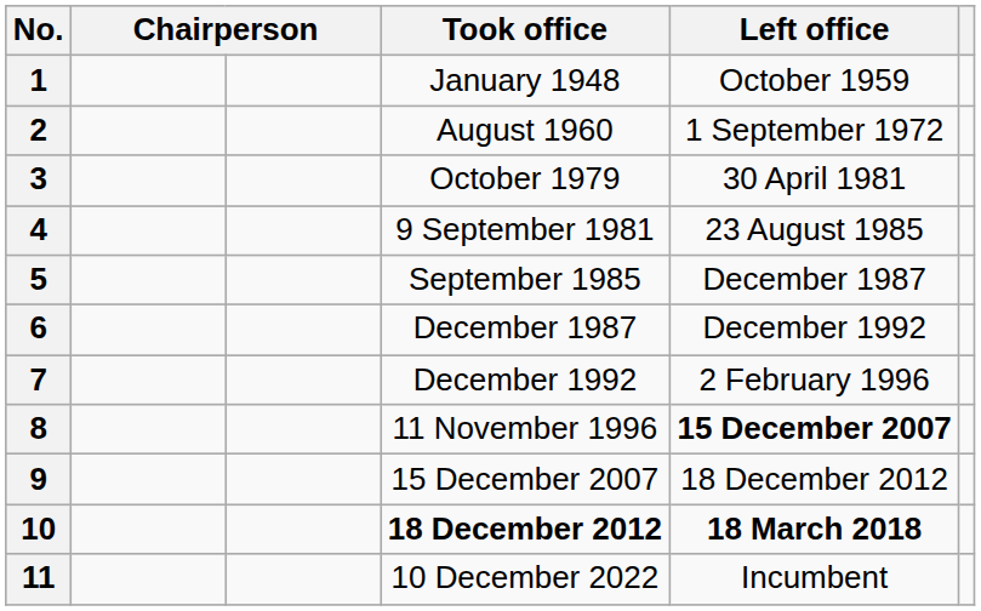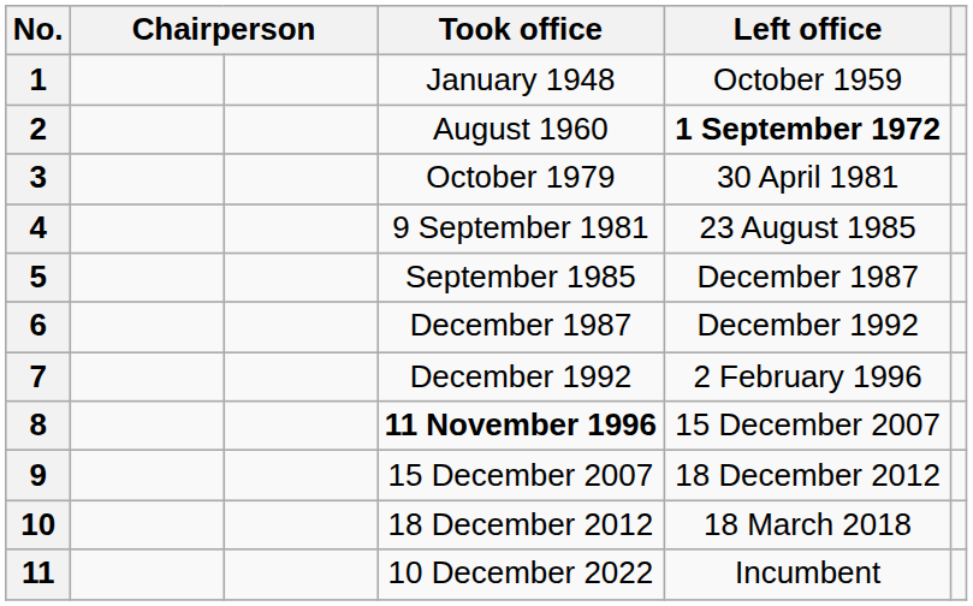 <table class="wikitable" style="text-align: center; border-collapse: collapse;">
 <tr>
 <th>No.</th>
 <th colspan="2" width="150">Chairperson</th>
 <th width="140" align="center">Took office</th>
 <th width="140" align="center">Left office</th>
 <th></th>
 </tr>
 <tr>
 <th><strong>1</strong></th>
 <td align="center"></td>
 <td align="center"><br></td>
 <td align="center">January 1948</td>
 <td align="center">October 1959</td>
 <td></td>
 </tr>
 <tr>
 <th><strong>2</strong></th>
 <td align="center"></td>
 <td align="center"><br></td>
 <td align="center">August 1960</td>
-<td align="center">1 September 1972</td>
+<td align="center"><strong>1 September 1972</strong></td>
 <td></td>
 </tr>
 <tr>
 <th><strong>3</strong></th>
 <td align="center"></td>
 <td align="center"><br></td>
 <td align="center">October 1979</td>
 <td align="center">30 April 1981</td>
 <td></td>
 </tr>
 <tr>
 <th><strong>4</strong></th>
 <td align="center"></td>
 <td align="center"><br></td>
 <td align="center">9 September 1981</td>
 <td align="center">23 August 1985</td>
 <td></td>
 </tr>
 <tr>
 <th><strong>5</strong></th>
 <td></td>
 <td><br></td>
 <td>September 1985</td>
 <td>December 1987</td>
 <td></td>
 </tr>
 <tr>
 <th><strong>6</strong></th>
 <td align="center"></td>
 <td align="center"><br></td>
 <td align="center">December 1987</td>
 <td align="center">December 1992</td>
 <td></td>
 </tr>
 <tr>
 <th><strong>7</strong></th>
 <td></td>
 <td><br></td>
 <td>December 1992</td>
 <td>2 February 1996</td>
 <td></td>
 </tr>
 <tr>
 <th><strong>8</strong></th>
 <td align="center"></td>
 <td align="center"><br></td>
-<td align="center">11 November 1996</td>
-<td align="center"><strong>15 December 2007</strong></td>
+<td align="center"><strong>11 November 1996</strong></td>
+<td align="center">15 December 2007</td>
 <td></td>
 </tr>
 <tr>
 <th><strong>9</strong></th>
 <td rowspan="1" align="center"></td>
 <td rowspan="1" align="center"><br></td>
 <td align="center">15 December 2007</td>
 <td align="center">18 December 2012</td>
 <td></td>
 </tr>
 <tr>
 <th><strong>10</strong></th>
 <td></td>
 <td><br></td>
-<td><strong>18 December 2012</strong></td>
-<td><strong>18 March 2018</strong></td>
+<td>18 December 2012</td>
+<td>18 March 2018</td>
 <td></td>
 </tr>
 <tr>
 <th><strong>11</strong></th>
 <td rowspan="1" align="center"></td>
 <td rowspan="1" align="center"><br></td>
 <td align="center">10 December 2022</td>
 <td align="center">Incumbent</td>
 <td></td>
 </tr>
 </table>
